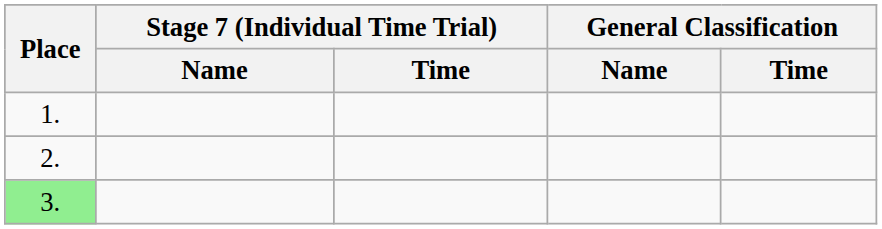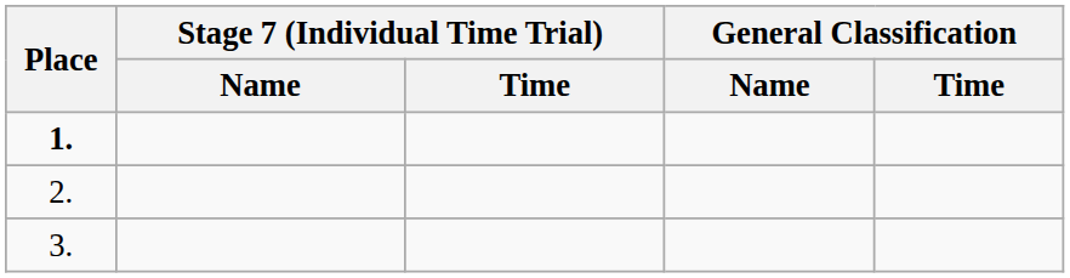 <table class=wikitable style="font-size:95%" width="80%">
 <tr>
 <th rowspan="2">Place</th>
 <th colspan="2">Stage 7 (Individual Time Trial)</th>
 <th colspan="2">General Classification</th>
 </tr>
 <tr>
 <th>Name</th>
 <th>Time</th>
 <th>Name</th>
 <th>Time</th>
 </tr>
 <tr>
-<td align="center">1.</td>
+<td align="center"><strong>1.</strong></td>
 <td></td>
 <td></td>
 <td></td>
 <td></td>
 </tr>
 <tr>
 <td align="center">2.</td>
 <td></td>
 <td></td>
 <td></td>
 <td></td>
 </tr>
 <tr>
-<td align="center" style="background: lightgreen;">3.</td>
+<td align="center">3.</td>
 <td></td>
 <td></td>
 <td></td>
 <td></td>
 </tr>
 </table>
